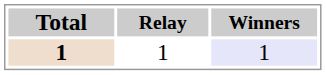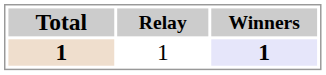 <table style="border: 1px solid #999; background-color:#FFFFFF; line-height:16px; text-align:center">
 <tr>
 <th style="background-color: #ccc;" width="70">Total</th>
 <th style="background-color: #ccc;" width="60"><small>Relay</small></th>
 <th style="background-color: #ccc;" width="70"><small>Winners</small></th>
 </tr>
 <tr>
 <td bgcolor=#EFDECD><strong>1</strong></td>
 <td>1</td>
-<td bgcolor="#E6E6FA">1</td>
+<td bgcolor="#E6E6FA"><strong>1</strong></td>
 </tr>
 </table>
